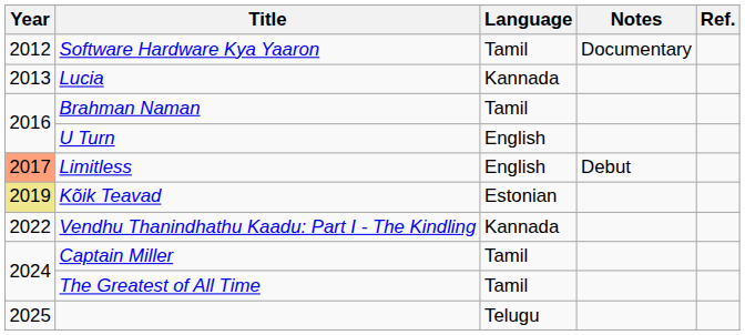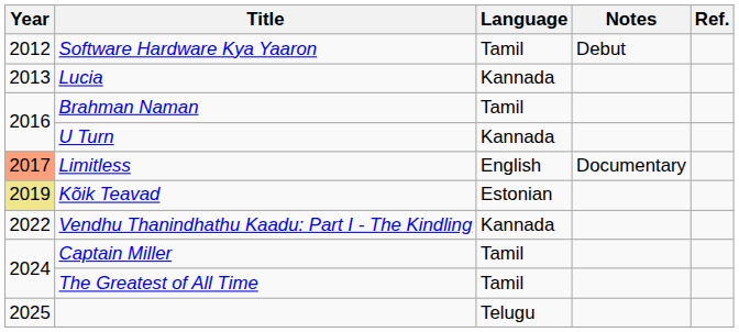 <table class="wikitable sortable">
 <tr>
 <th scope="col">Year</th>
 <th scope="col">Title</th>
 <th scope="col">Language</th>
 <th class="unsortable" scope="col">Notes</th>
 <th ! scope="col">Ref.</th>
 </tr>
 <tr>
 <td>2012</td>
 <td><em><a href='#'>Software Hardware Kya Yaaron</a></em></td>
 <td>Tamil</td>
-<td>Documentary</td>
+<td>Debut</td>
 <td></td>
 </tr>
 <tr>
 <td>2013</td>
 <td><em><a href='#'>Lucia</a></em></td>
 <td>Kannada</td>
 <td></td>
 <td></td>
 </tr>
 <tr>
 <td rowspan="2">2016</td>
 <td><em><a href='#'>Brahman Naman</a></em></td>
 <td>Tamil</td>
 <td></td>
 <td></td>
 </tr>
 <tr>
 <td><em><a href='#'>U Turn</a></em></td>
-<td>English</td>
+<td>Kannada</td>
 <td></td>
 <td></td>
 </tr>
 <tr>
 <td style="background: lightsalmon;">2017</td>
 <td><em><a href='#'>Limitless</a></em></td>
 <td>English</td>
-<td>Debut</td>
+<td>Documentary</td>
 <td></td>
 </tr>
 <tr>
 <td style="background: khaki;">2019</td>
 <td><em><a href='#'>Kõik Teavad</a></em></td>
 <td>Estonian</td>
 <td></td>
 <td></td>
 </tr>
 <tr>
 <td>2022</td>
 <td><em><a href='#'>Vendhu Thanindhathu Kaadu: Part I - The Kindling</a></em></td>
 <td>Kannada</td>
 <td></td>
 <td></td>
 </tr>
 <tr>
 <td rowspan="2">2024</td>
 <td><em><a href='#'>Captain Miller</a></em></td>
 <td>Tamil</td>
 <td></td>
 <td></td>
 </tr>
 <tr>
 <td><em><a href='#'>The Greatest of All Time</a></em></td>
 <td>Tamil</td>
 <td></td>
 <td></td>
 </tr>
 <tr>
 <td>2025</td>
 <td></td>
 <td>Telugu</td>
 <td></td>
 <td><br>   </td>
 </tr>
 </table>
